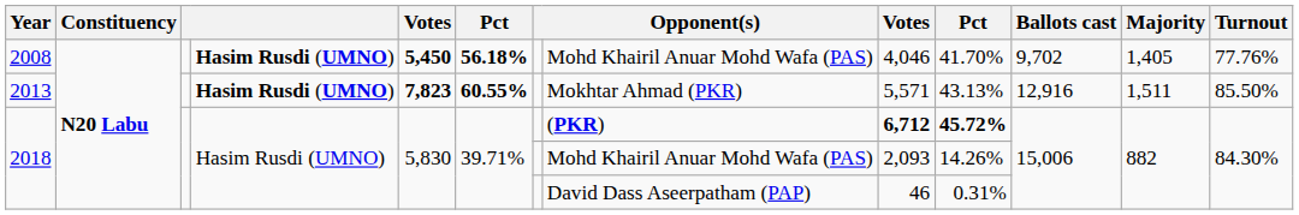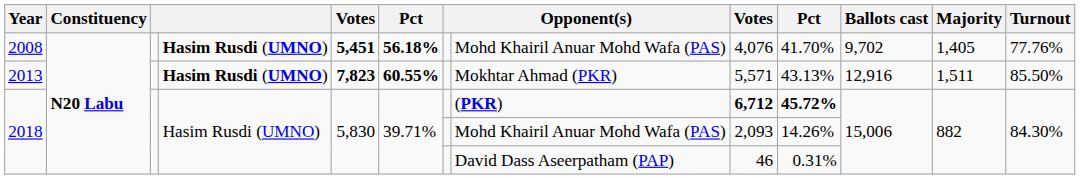 <table class="wikitable" style="margin:0.5em ; font-size:95%">
 <tr>
 <th>Year</th>
 <th>Constituency</th>
 <th colspan=2></th>
 <th>Votes</th>
 <th>Pct</th>
 <th colspan=2>Opponent(s)</th>
 <th>Votes</th>
 <th>Pct</th>
 <th>Ballots cast</th>
 <th>Majority</th>
 <th>Turnout</th>
 </tr>
 <tr>
 <td><a href='#'>2008</a></td>
 <td rowspan=5><strong>N20 <a href='#'>Labu</a></strong></td>
 <td></td>
 <td><strong>Hasim Rusdi</strong> (<a href='#'><strong>UMNO</strong></a>)</td>
-<td align="right"><strong>5,450</strong></td>
+<td align="right"><strong>5,451</strong></td>
 <td><strong>56.18%</strong></td>
 <td></td>
 <td>Mohd Khairil Anuar Mohd Wafa (<a href='#'>PAS</a>)</td>
-<td align="right">4,046</td>
+<td align="right">4,076</td>
 <td>41.70%</td>
 <td>9,702</td>
 <td>1,405</td>
 <td>77.76%</td>
 </tr>
 <tr>
 <td><a href='#'>2013</a></td>
 <td></td>
 <td><strong>Hasim Rusdi</strong> (<a href='#'><strong>UMNO</strong></a>)</td>
 <td align="right"><strong>7,823</strong></td>
 <td><strong>60.55%</strong></td>
 <td></td>
 <td>Mokhtar Ahmad (<a href='#'>PKR</a>)</td>
 <td align="right">5,571</td>
 <td>43.13%</td>
 <td>12,916</td>
 <td>1,511</td>
 <td>85.50%</td>
 </tr>
 <tr>
 <td rowspan=3><a href='#'>2018</a></td>
 <td rowspan=3 ></td>
 <td rowspan=3>Hasim Rusdi (<a href='#'>UMNO</a>)</td>
 <td rowspan=3 align="right">5,830</td>
 <td rowspan=3>39.71%</td>
 <td></td>
 <td> (<a href='#'><strong>PKR</strong></a>)</td>
 <td align="right"><strong>6,712</strong></td>
 <td><strong>45.72%</strong></td>
 <td rowspan=3>15,006</td>
 <td rowspan=3>882</td>
 <td rowspan=3>84.30%</td>
 </tr>
 <tr>
 <td></td>
 <td>Mohd Khairil Anuar Mohd Wafa (<a href='#'>PAS</a>)</td>
 <td align="right">2,093</td>
 <td>14.26%</td>
 </tr>
 <tr>
 <td></td>
 <td>David Dass Aseerpatham (<a href='#'>PAP</a>)</td>
 <td align="right">46</td>
 <td align=right>0.31%</td>
 </tr>
 </table>
